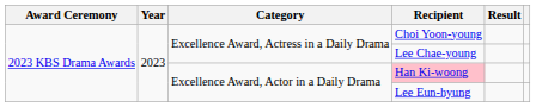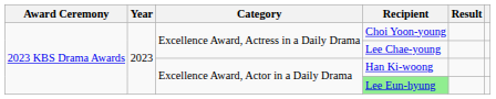 <table class="wikitable">
 <tr>
 <th>Award Ceremony</th>
 <th>Year</th>
 <th>Category</th>
 <th>Recipient</th>
 <th>Result</th>
 <th></th>
 </tr>
 <tr>
 <td rowspan="4"><a href='#'>2023 KBS Drama Awards</a></td>
 <td rowspan="4">2023</td>
 <td rowspan="2">Excellence Award, Actress in a Daily Drama</td>
 <td><a href='#'>Choi Yoon-young</a></td>
 <td></td>
 <td></td>
 </tr>
 <tr>
 <td><a href='#'>Lee Chae-young</a></td>
 <td></td>
 <td></td>
 </tr>
 <tr>
 <td rowspan="2">Excellence Award, Actor in a Daily Drama</td>
-<td style="background: pink;"><a href='#'>Han Ki-woong</a></td>
+<td><a href='#'>Han Ki-woong</a></td>
 <td></td>
 <td></td>
 </tr>
 <tr>
-<td><a href='#'>Lee Eun-hyung</a></td>
+<td style="background: lightgreen;"><a href='#'>Lee Eun-hyung</a></td>
 <td></td>
 <td></td>
 </tr>
 </table>
